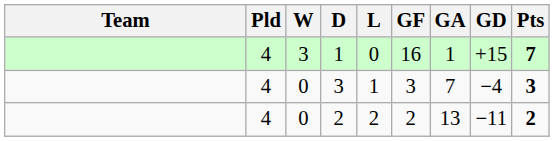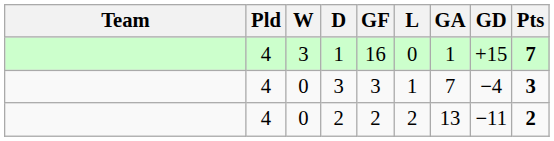 <table class="wikitable" style="text-align:center;">
 <tr>
 <th width=180>Team</th>
 <th width=20>Pld</th>
 <th width=20>W</th>
 <th width=20>D</th>
+<th width=20>GF</th>
 <th width=20>L</th>
-<th width=20>GF</th>
 <th width=20>GA</th>
 <th width=20>GD</th>
 <th width=20>Pts</th>
 </tr>
 <tr bgcolor="ccffcc">
 <td align="left"></td>
 <td>4</td>
 <td>3</td>
 <td>1</td>
+<td>16</td>
 <td>0</td>
-<td>16</td>
 <td>1</td>
 <td>+15</td>
 <td><strong>7</strong></td>
 </tr>
 <tr>
 <td align="left"></td>
 <td>4</td>
 <td>0</td>
 <td>3</td>
+<td>3</td>
 <td>1</td>
-<td>3</td>
 <td>7</td>
 <td>−4</td>
 <td><strong>3</strong></td>
 </tr>
 <tr>
 <td align="left"></td>
 <td>4</td>
 <td>0</td>
 <td>2</td>
 <td>2</td>
 <td>2</td>
 <td>13</td>
 <td>−11</td>
 <td><strong>2</strong></td>
 </tr>
 </table>
